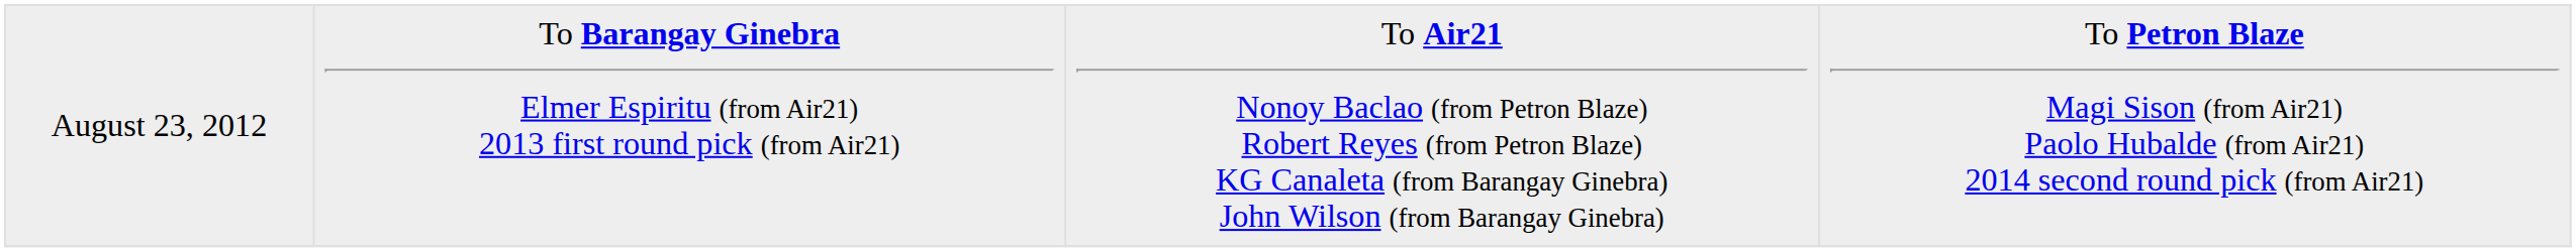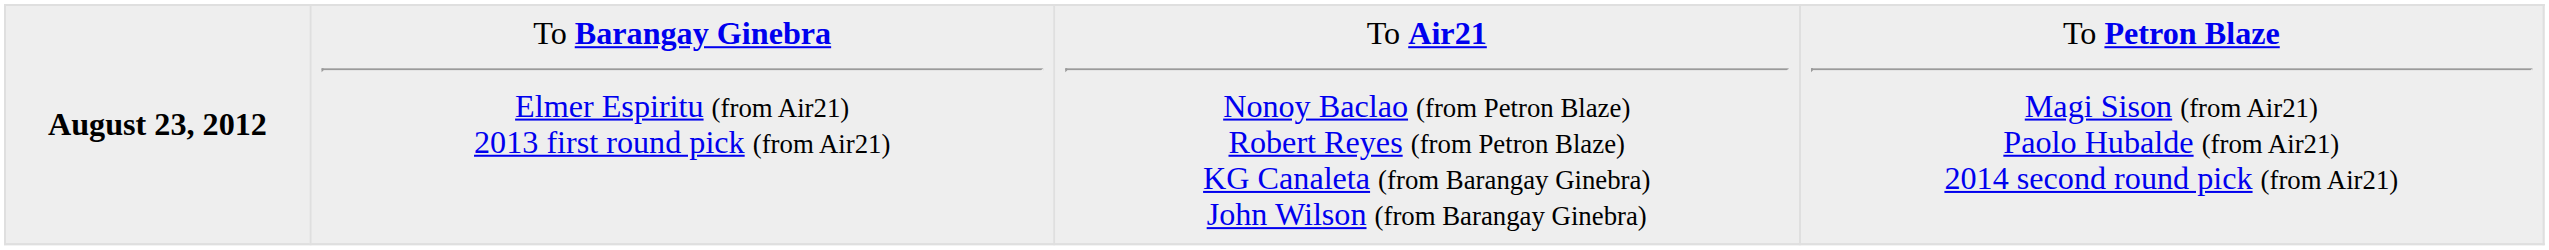 <table border=1 style="border-collapse:collapse; text-align: center; width: 100%" bordercolor="#DFDFDF" cellpadding="5">
 <tr>
 </tr>
 <tr bgcolor="eeeeee">
-<td style="width:12%">August 23, 2012</td>
+<td style="width:12%"><strong>August 23, 2012</strong></td>
 <td style="width:29.3%" valign="top">To <strong><a href='#'>Barangay Ginebra</a> <hr> </strong><a href='#'>Elmer Espiritu</a> <small>(from Air21)</small> <br> <a href='#'>2013 first round pick</a> <small>(from Air21)</small></td>
 <td style="width:29.3%" valign="top">To <strong><a href='#'>Air21</a></strong><hr><a href='#'>Nonoy Baclao</a> <small>(from Petron Blaze)</small> <br> <a href='#'>Robert Reyes</a> <small>(from Petron Blaze)</small> <br><a href='#'>KG Canaleta</a> <small>(from Barangay Ginebra)</small> <br><a href='#'>John Wilson</a> <small>(from Barangay Ginebra)</small></td>
 <td style="width:29.3%" valign="top">To <strong><a href='#'>Petron Blaze</a></strong><hr><a href='#'>Magi Sison</a> <small>(from Air21)</small> <br> <a href='#'>Paolo Hubalde</a> <small>(from Air21)</small> <br> <a href='#'>2014 second round pick</a> <small>(from Air21)</small></td>
 </tr>
 <tr>
 </tr>
 </table>
